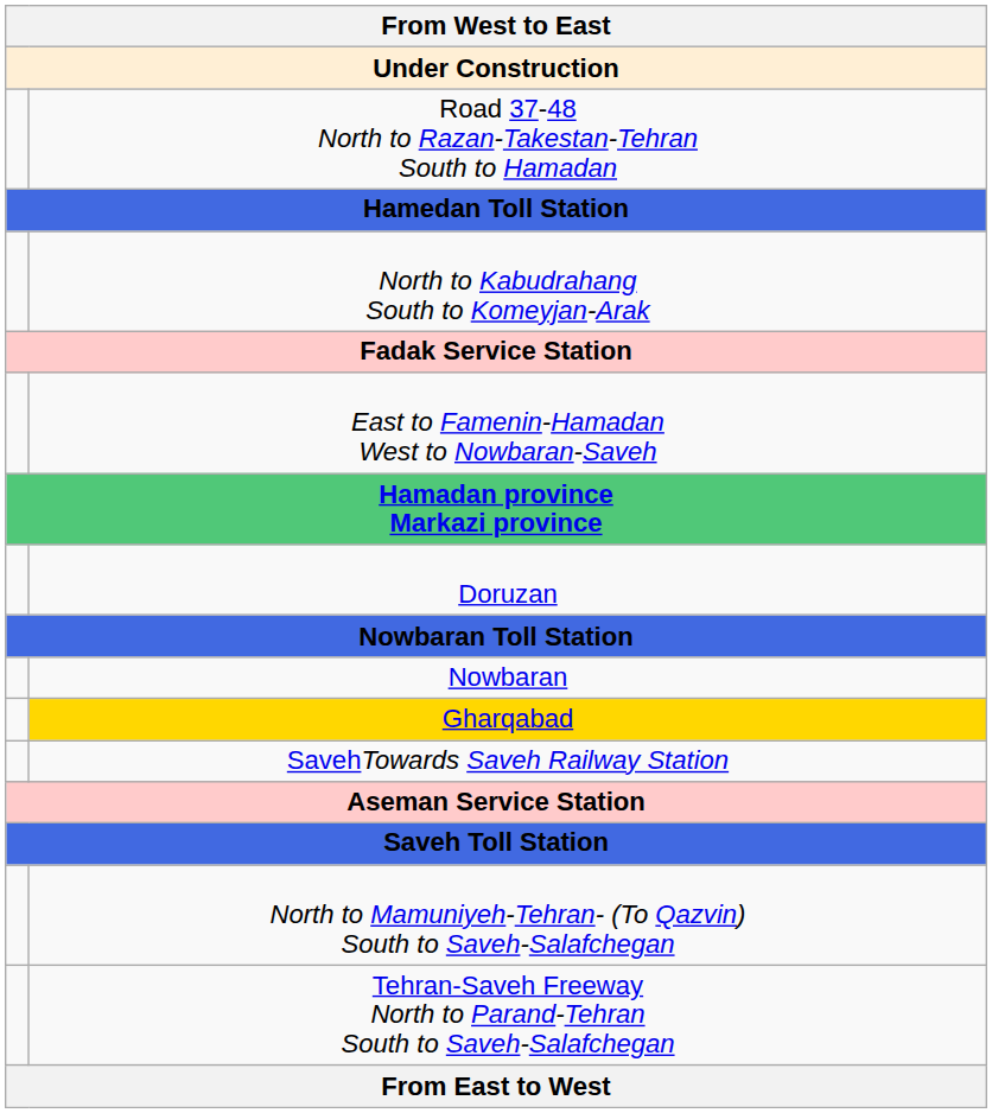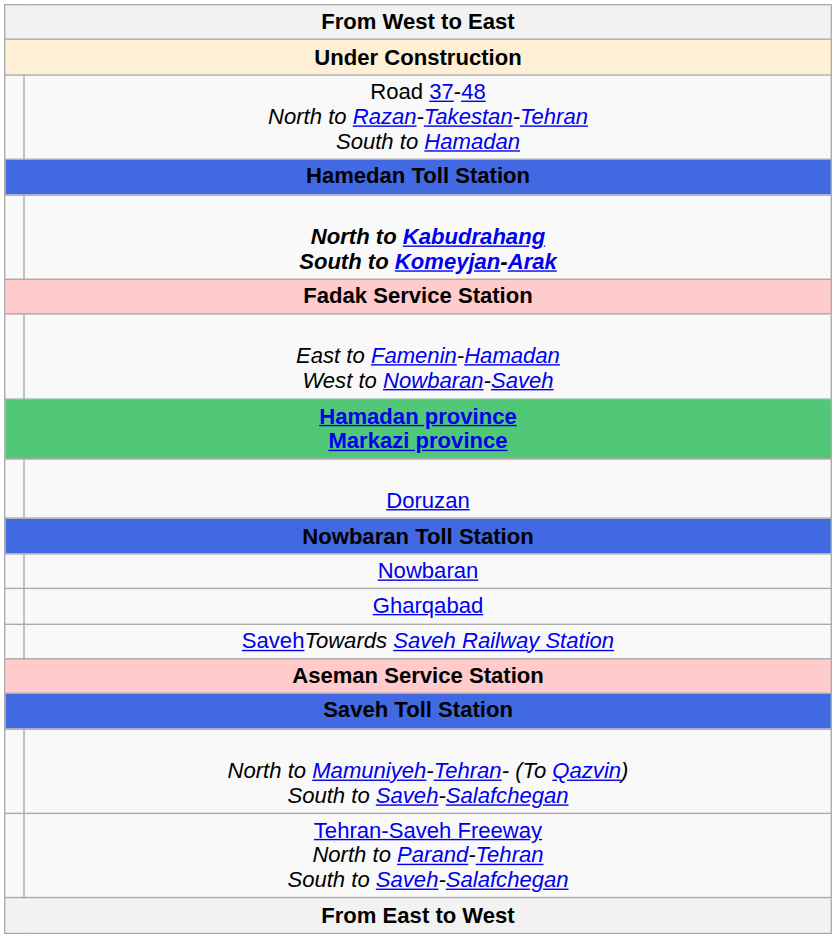 <table class="wikitable" style="text-align:center" width="600px">
 <tr>
 <th text-align="center" colspan="3"> From West to East </th>
 </tr>
 <tr>
 <td text-align="center" colspan="3" bgcolor="#FFEFD5">  <strong>Under Construction</strong>  </td>
 </tr>
 <tr>
 <td><br></td>
 <td>   Road <a href='#'>37</a>-<a href='#'>48</a><br><em>North to <a href='#'>Razan</a>-<a href='#'>Takestan</a>-<a href='#'>Tehran</a></em><br><em>South to <a href='#'>Hamadan</a></em></td>
 </tr>
 <tr>
 <td colspan="7" align="center" bgcolor="#41 69 E1" color: #FFFFFF> <strong>Hamedan Toll Station</strong></td>
 </tr>
 <tr>
 <td></td>
-<td><br><em>North to <a href='#'>Kabudrahang</a></em><br><em>South to <a href='#'>Komeyjan</a>-<a href='#'>Arak</a></em></td>
+<td><strong><br><em>North to <a href='#'>Kabudrahang</a></em><br><em>South to <a href='#'>Komeyjan</a>-<a href='#'>Arak</a></em></strong></td>
 </tr>
 <tr>
 <td align="center" bgcolor="#FFCBCB" colspan="7">    <strong>Fadak Service Station</strong></td>
 </tr>
 <tr>
 <td></td>
 <td><br><em>East to <a href='#'>Famenin</a>-<a href='#'>Hamadan</a></em><br><em>West to <a href='#'>Nowbaran</a>-<a href='#'>Saveh</a></em></td>
 </tr>
 <tr>
 <td colspan="7" align="center" bgcolor="#50 C8 78"> <strong><a href='#'>Hamadan province</a></strong> <br> <strong><a href='#'>Markazi province</a></strong> </td>
 </tr>
 <tr>
 <td></td>
 <td><br> <a href='#'>Doruzan</a></td>
 </tr>
 <tr>
 <td colspan="7" align="center" bgcolor="#41 69 E1" color: #FFFFFF> <strong>Nowbaran Toll Station</strong></td>
 </tr>
 <tr>
 <td></td>
 <td> <a href='#'>Nowbaran</a></td>
 </tr>
 <tr>
 <td></td>
-<td style="background: gold;"> <a href='#'>Gharqabad</a></td>
+<td> <a href='#'>Gharqabad</a></td>
 </tr>
 <tr align="center">
 <td></td>
 <td> <a href='#'>Saveh</a><em>Towards  <a href='#'>Saveh Railway Station</a></em></td>
 </tr>
 <tr>
 <td align="center" bgcolor="#FFCBCB" colspan="7">    <strong>Aseman Service Station</strong></td>
 </tr>
 <tr>
 <td colspan="7" align="center" bgcolor="#41 69 E1" color: #FFFFFF> <strong>Saveh Toll Station</strong></td>
 </tr>
 <tr>
 <td></td>
 <td><br><em>North to <a href='#'>Mamuniyeh</a>-<a href='#'>Tehran</a>- (To <a href='#'>Qazvin</a>)</em><br><em>South to <a href='#'>Saveh</a>-<a href='#'>Salafchegan</a></em></td>
 </tr>
 <tr>
 <td><br></td>
 <td> <a href='#'>Tehran-Saveh Freeway</a><br><em>North to <a href='#'>Parand</a>-<a href='#'>Tehran</a></em><br><em>South to <a href='#'>Saveh</a>-<a href='#'>Salafchegan</a></em></td>
 </tr>
 <tr>
 <th text-align="center" colspan="3"> From East to West </th>
 </tr>
 </table>
